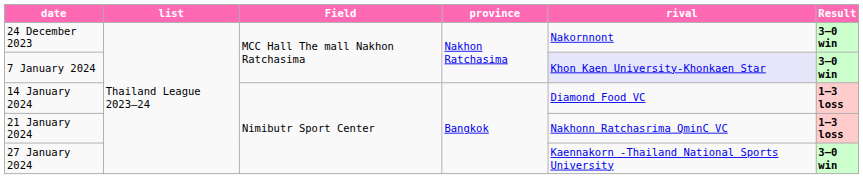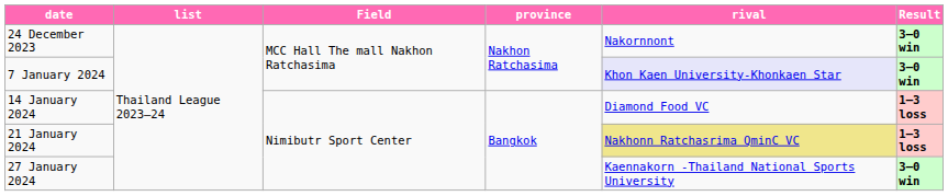 <table class="wikitable" style="font-size:90%; width:60%;">
 <tr>
 <th style="color:#FFFFFF; background:#FF69B4;">date</th>
 <th style="color:#FFFFFF; background:#FF69B4;">list</th>
 <th style="color:#FFFFFF; background:#FF69B4;">Field</th>
 <th style="color:#FFFFFF; background:#FF69B4;">province</th>
 <th style="color:#FFFFFF; background:#FF69B4;">rival</th>
 <th style="color:#FFFFFF; background:#FF69B4;">Result</th>
 </tr>
 <tr>
 <td>24 December 2023</td>
 <td rowspan="7">Thailand League 2023–24</td>
 <td rowspan="2"> MCC Hall The mall Nakhon Ratchasima</td>
 <td rowspan="2"><a href='#'>Nakhon Ratchasima</a></td>
 <td><a href='#'>Nakornnont</a></td>
 <td bgcolor="#ccffcc" width="10px"><strong>3–0 win</strong></td>
 </tr>
 <tr>
 <td>7 January 2024</td>
 <td style="background: lavender;"><a href='#'>Khon Kaen University-Khonkaen Star</a></td>
 <td bgcolor="#ccffcc" width="10px"><strong>3–0 win</strong></td>
 </tr>
 <tr>
 <td>14 January 2024</td>
 <td rowspan="3"> Nimibutr Sport Center</td>
 <td rowspan="3"><a href='#'>Bangkok</a></td>
 <td><a href='#'>Diamond Food VC</a></td>
 <td width="10px" bgcolor="#ffcccc"><strong>1–3 loss</strong></td>
 </tr>
 <tr>
 <td>21 January 2024</td>
-<td><a href='#'>Nakhonn Ratchasrima QminC VC</a></td>
+<td style="background: khaki;"><a href='#'>Nakhonn Ratchasrima QminC VC</a></td>
 <td width="10px" bgcolor="#ffcccc"><strong>1–3 loss</strong></td>
 </tr>
 <tr>
 <td>27 January 2024</td>
 <td><a href='#'>Kaennakorn -Thailand National Sports University</a></td>
 <td bgcolor="#ccffcc" width="10px"><strong>3–0 win</strong></td>
 </tr>
 </table>
